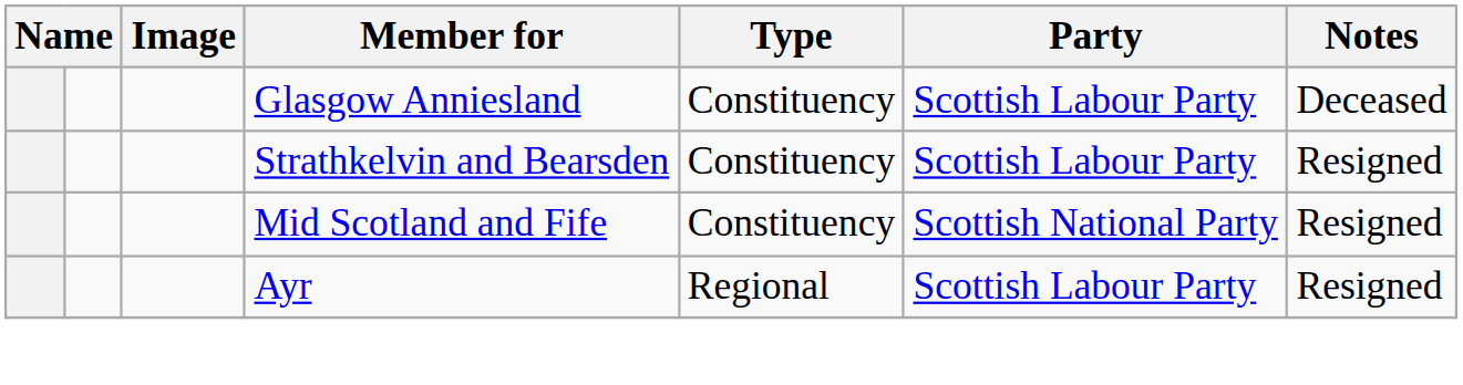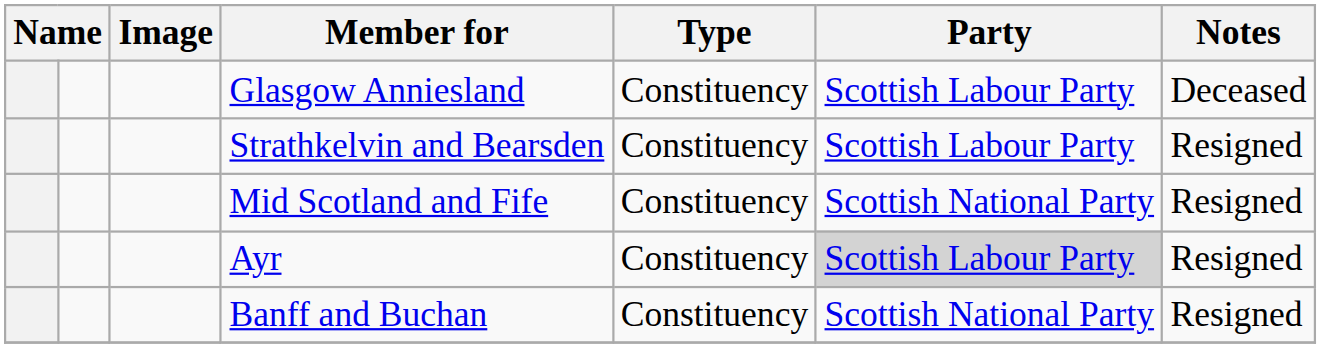 <table class="sortable wikitable">
 <tr valign=bottom>
 <th colspan="2">Name</th>
 <th>Image</th>
 <th>Member for</th>
 <th>Type</th>
 <th>Party</th>
 <th>Notes</th>
 </tr>
 <tr>
 <th style="background-color: "></th>
 <td></td>
 <td></td>
 <td><a href='#'>Glasgow Anniesland</a></td>
 <td>Constituency</td>
 <td><a href='#'>Scottish Labour Party</a></td>
 <td>Deceased</td>
 </tr>
 <tr>
 <th style="background-color: "></th>
 <td></td>
 <td></td>
 <td><a href='#'>Strathkelvin and Bearsden</a></td>
 <td>Constituency</td>
 <td><a href='#'>Scottish Labour Party</a></td>
 <td>Resigned</td>
 </tr>
 <tr>
 <th style="background-color: "></th>
 <td></td>
 <td></td>
 <td><a href='#'>Mid Scotland and Fife</a></td>
 <td>Constituency</td>
 <td><a href='#'>Scottish National Party</a></td>
 <td>Resigned</td>
 </tr>
 <tr>
 <th style="background-color: "></th>
 <td></td>
 <td></td>
 <td><a href='#'>Ayr</a></td>
-<td>Regional</td>
-<td><a href='#'>Scottish Labour Party</a></td>
+<td>Constituency</td>
+<td style="background: lightgrey;"><a href='#'>Scottish Labour Party</a></td>
+<td>Resigned</td>
+</tr>
+<tr>
+<th style="background-color: "></th>
+<td></td>
+<td></td>
+<td><a href='#'>Banff and Buchan</a></td>
+<td>Constituency</td>
+<td><a href='#'>Scottish National Party</a></td>
 <td>Resigned</td>
 </tr>
 <tr>
 </tr>
 </table>
